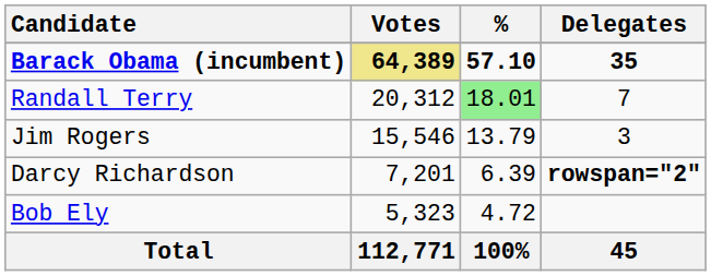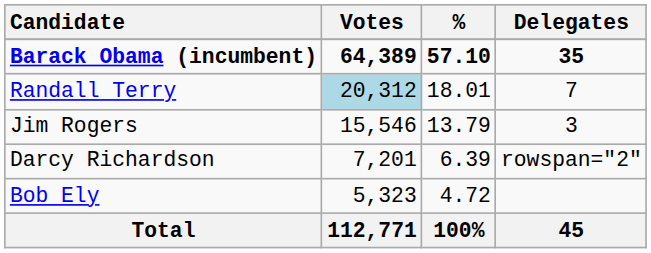 <table class="wikitable sortable plainrowheaders" style="text-align:right;">
 <tr>
 <th style="text-align:left;">Candidate</th>
 <th>Votes</th>
 <th>%</th>
 <th>Delegates</th>
 </tr>
 <tr>
 </tr>
 <tr>
 <td style="text-align:left;"><strong><a href='#'>Barack Obama</a></strong> <strong>(incumbent)</strong></td>
-<td style="background: khaki;"><strong>64,389</strong></td>
+<td><strong>64,389</strong></td>
 <td><strong>57.10</strong></td>
 <td style="text-align:center;"><strong>35</strong></td>
 </tr>
 <tr>
 <td style="text-align:left;"><a href='#'>Randall Terry</a></td>
-<td>20,312</td>
-<td style="background: lightgreen;">18.01</td>
+<td style="background: lightblue;">20,312</td>
+<td>18.01</td>
 <td style="text-align:center;">7</td>
 </tr>
 <tr>
 <td style="text-align:left;">Jim Rogers</td>
 <td>15,546</td>
 <td>13.79</td>
 <td style="text-align:center;">3</td>
 </tr>
 <tr>
 <td style="text-align:left;">Darcy Richardson</td>
 <td>7,201</td>
 <td>6.39</td>
-<td><strong>rowspan="2" </strong></td>
+<td>rowspan="2" </td>
 </tr>
 <tr>
 <td style="text-align:left;"><a href='#'>Bob Ely</a></td>
 <td>5,323</td>
 <td>4.72</td>
 </tr>
 <tr class="sortbottom">
 <th>Total</th>
 <th><strong>112,771</strong></th>
 <th>100%</th>
 <th>45</th>
 </tr>
 </table>
